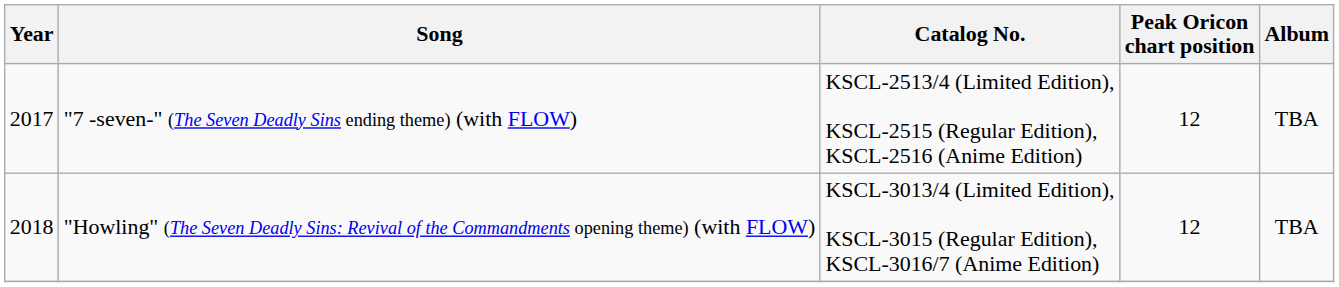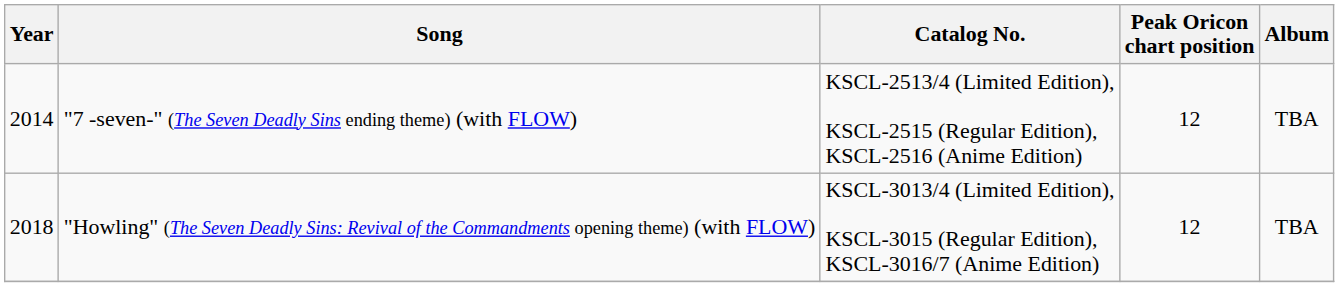 <table class="wikitable">
 <tr>
 <th>Year</th>
 <th>Song</th>
 <th>Catalog No.</th>
 <th>Peak Oricon<br> chart position</th>
 <th>Album</th>
 </tr>
 <tr>
-<td>2017</td>
+<td>2014</td>
 <td align="left">"7 -seven-" <small>(<em><a href='#'>The Seven Deadly Sins</a></em> ending theme)</small> (with <a href='#'>FLOW</a>)</td>
 <td>KSCL-2513/4 (Limited Edition),<br><br>KSCL-2515 (Regular Edition),<br> KSCL-2516 (Anime Edition)</td>
 <td align="center">12</td>
 <td align="center">TBA</td>
 </tr>
 <tr>
 <td>2018</td>
 <td align="left">"Howling" <small>(<em><a href='#'>The Seven Deadly Sins: Revival of the Commandments</a></em> opening theme)</small> (with <a href='#'>FLOW</a>)</td>
 <td>KSCL-3013/4 (Limited Edition),<br><br>KSCL-3015 (Regular Edition),<br> KSCL-3016/7 (Anime Edition)</td>
 <td align="center">12</td>
 <td align="center">TBA</td>
 </tr>
 <tr>
 </tr>
 </table>
